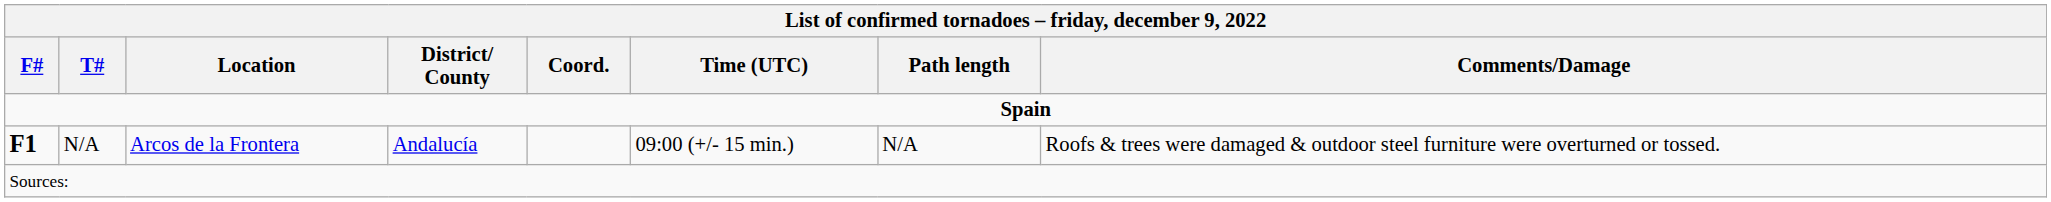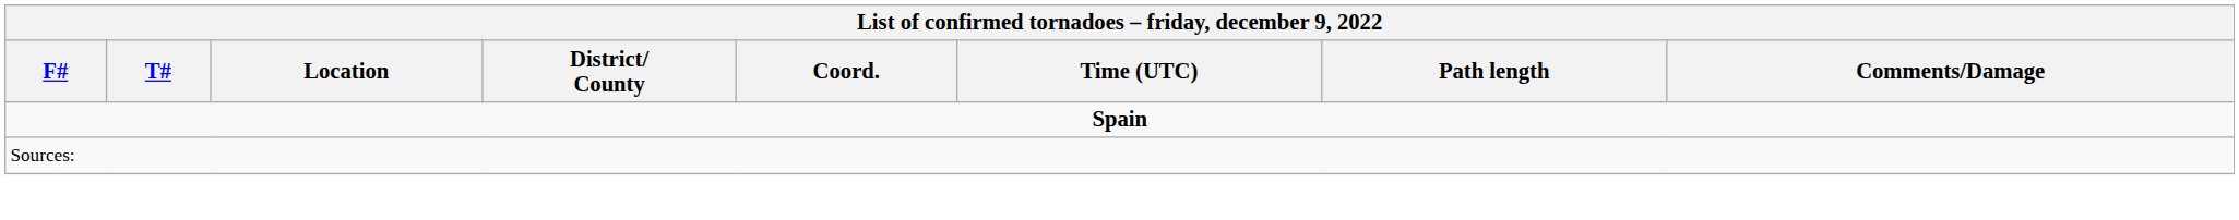 <table class="wikitable collapsible" width="100%">
 <tr>
 <th colspan="8">List of confirmed tornadoes – friday, december 9, 2022</th>
 </tr>
 <tr>
 <th><a href='#'>F#</a></th>
 <th><a href='#'>T#</a></th>
 <th>Location</th>
 <th>District/<br>County</th>
 <th>Coord.</th>
 <th>Time (UTC)</th>
 <th>Path length</th>
 <th>Comments/Damage</th>
 </tr>
 <tr>
 <td colspan="8" align=center><strong>Spain</strong></td>
 </tr>
 <tr>
-<td><big><strong>F1</strong></big></td>
-<td>N/A</td>
-<td><a href='#'>Arcos de la Frontera</a></td>
-<td><a href='#'>Andalucía</a></td>
-<td></td>
-<td>09:00 (+/- 15 min.)</td>
-<td>N/A</td>
-<td>Roofs & trees were damaged & outdoor steel furniture were overturned or tossed.</td>
-</tr>
-<tr>
 <td colspan="8"><small>Sources:  </small></td>
 </tr>
 </table>
